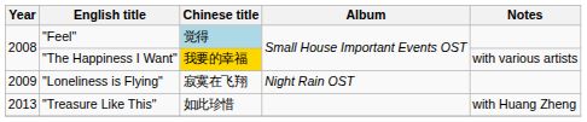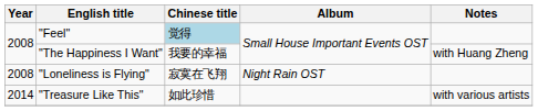 <table class="wikitable sortable">
 <tr>
 <th>Year</th>
 <th>English title</th>
 <th>Chinese title</th>
 <th>Album</th>
 <th>Notes</th>
 </tr>
 <tr>
 <td rowspan=2>2008</td>
 <td>"Feel"</td>
 <td style="background: lightblue;">觉得</td>
 <td rowspan=2><em>Small House Important Events OST</em></td>
 <td></td>
 </tr>
 <tr>
 <td>"The Happiness I Want"</td>
-<td style="background: gold;">我要的幸福</td>
-<td>with various artists</td>
+<td>我要的幸福</td>
+<td>with Huang Zheng</td>
 </tr>
 <tr>
-<td>2009</td>
+<td>2008</td>
 <td>"Loneliness is Flying"</td>
 <td>寂寞在飞翔</td>
 <td><em>Night Rain OST</em></td>
 <td></td>
 </tr>
 <tr>
-<td>2013</td>
+<td>2014</td>
 <td>"Treasure Like This"</td>
 <td>如此珍惜</td>
 <td></td>
-<td>with Huang Zheng</td>
+<td>with various artists</td>
 </tr>
 <tr>
 </tr>
 </table>
